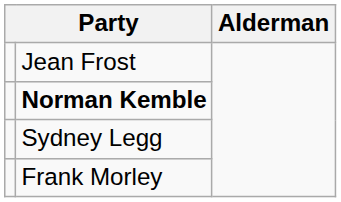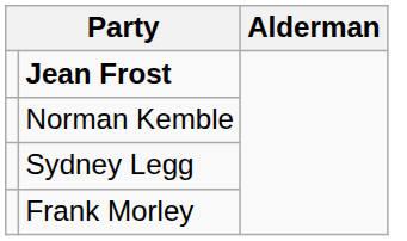 <table class="wikitable">
 <tr>
 <th colspan="2">Party</th>
 <th>Alderman</th>
 </tr>
 <tr>
 <td></td>
-<td>Jean Frost</td>
+<td><strong>Jean Frost</strong></td>
 </tr>
 <tr>
 <td></td>
-<td><strong>Norman Kemble</strong></td>
+<td>Norman Kemble</td>
 </tr>
 <tr>
 <td></td>
 <td>Sydney Legg</td>
 </tr>
 <tr>
 <td></td>
 <td>Frank Morley</td>
 </tr>
 </table>
